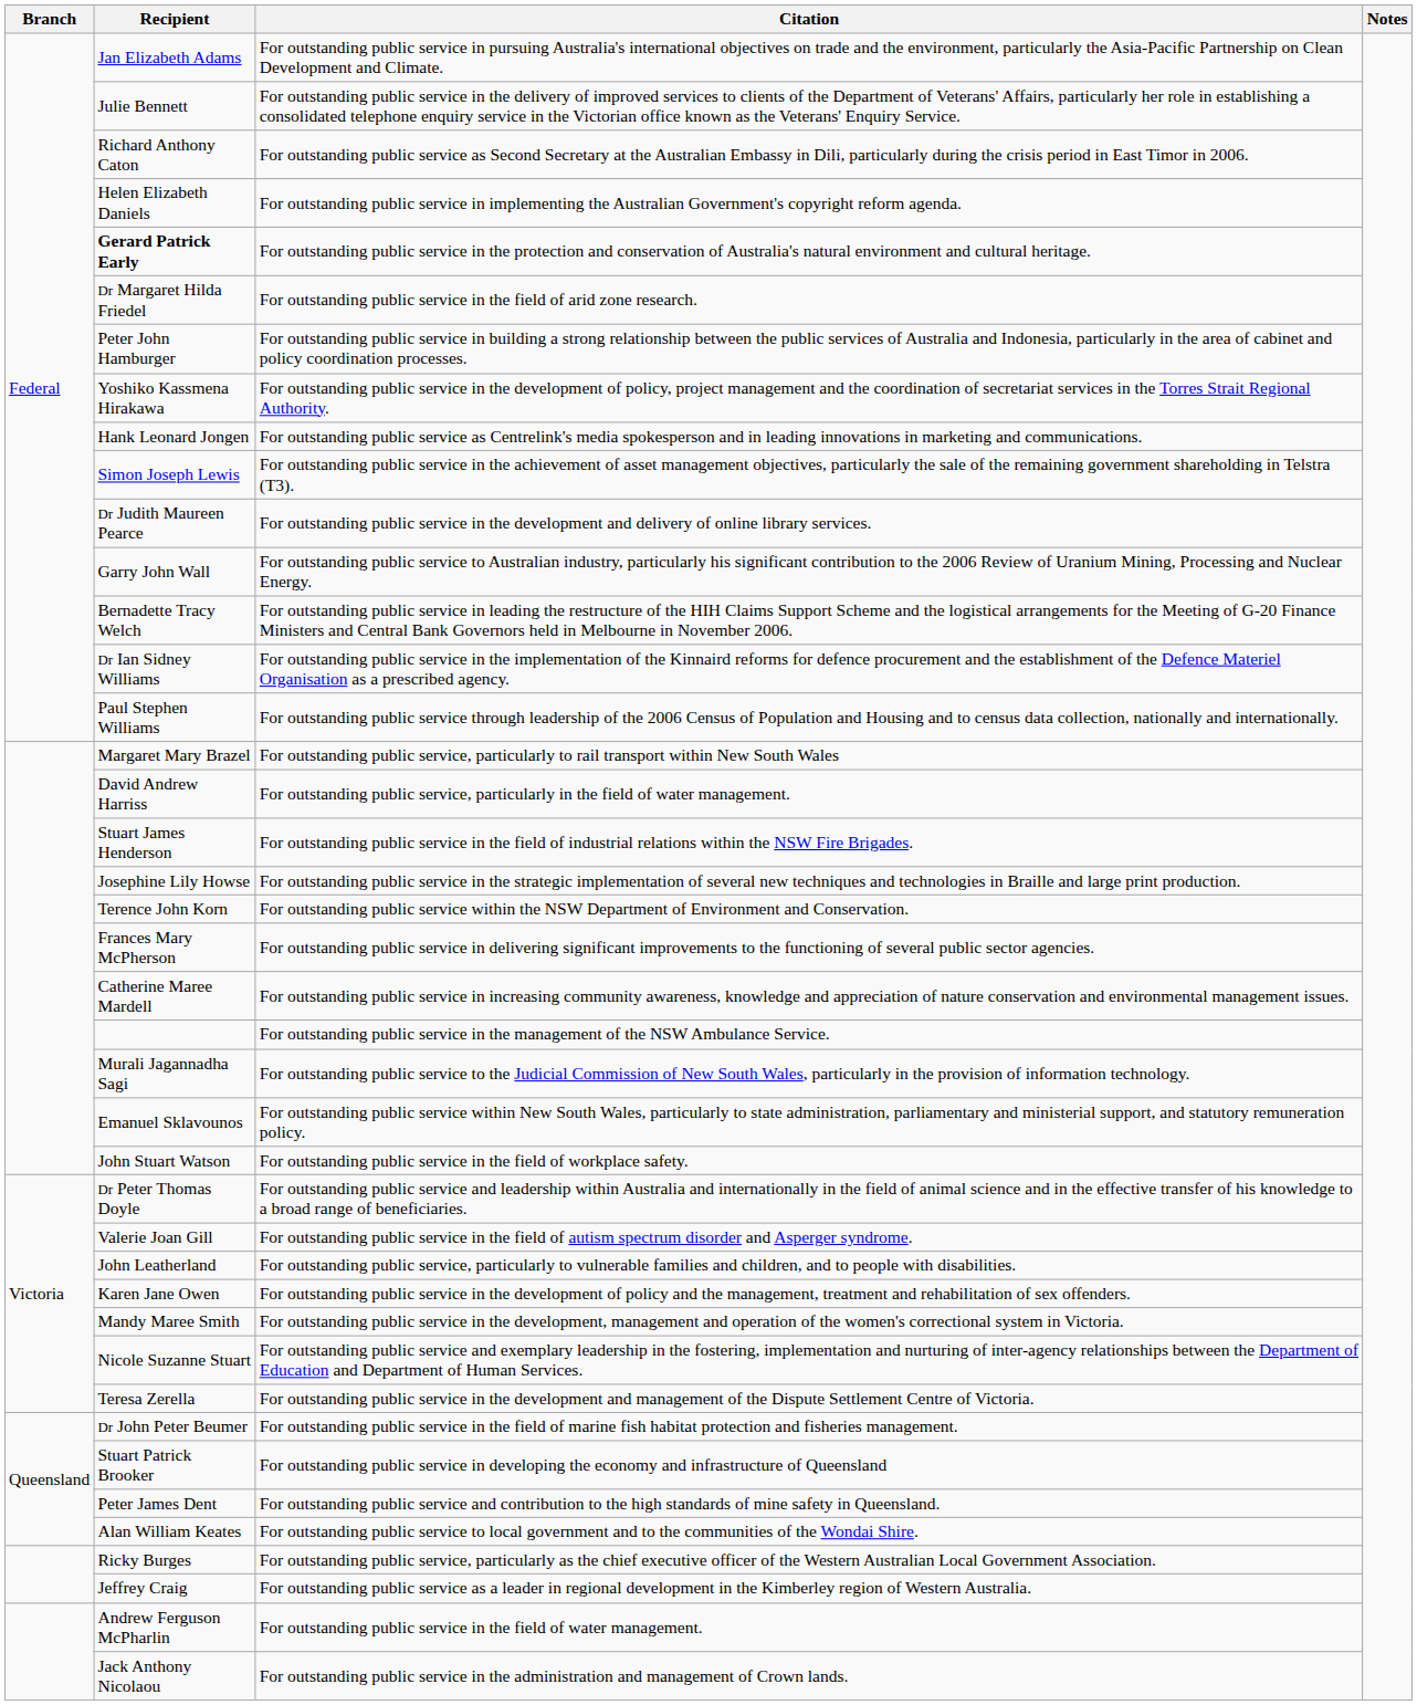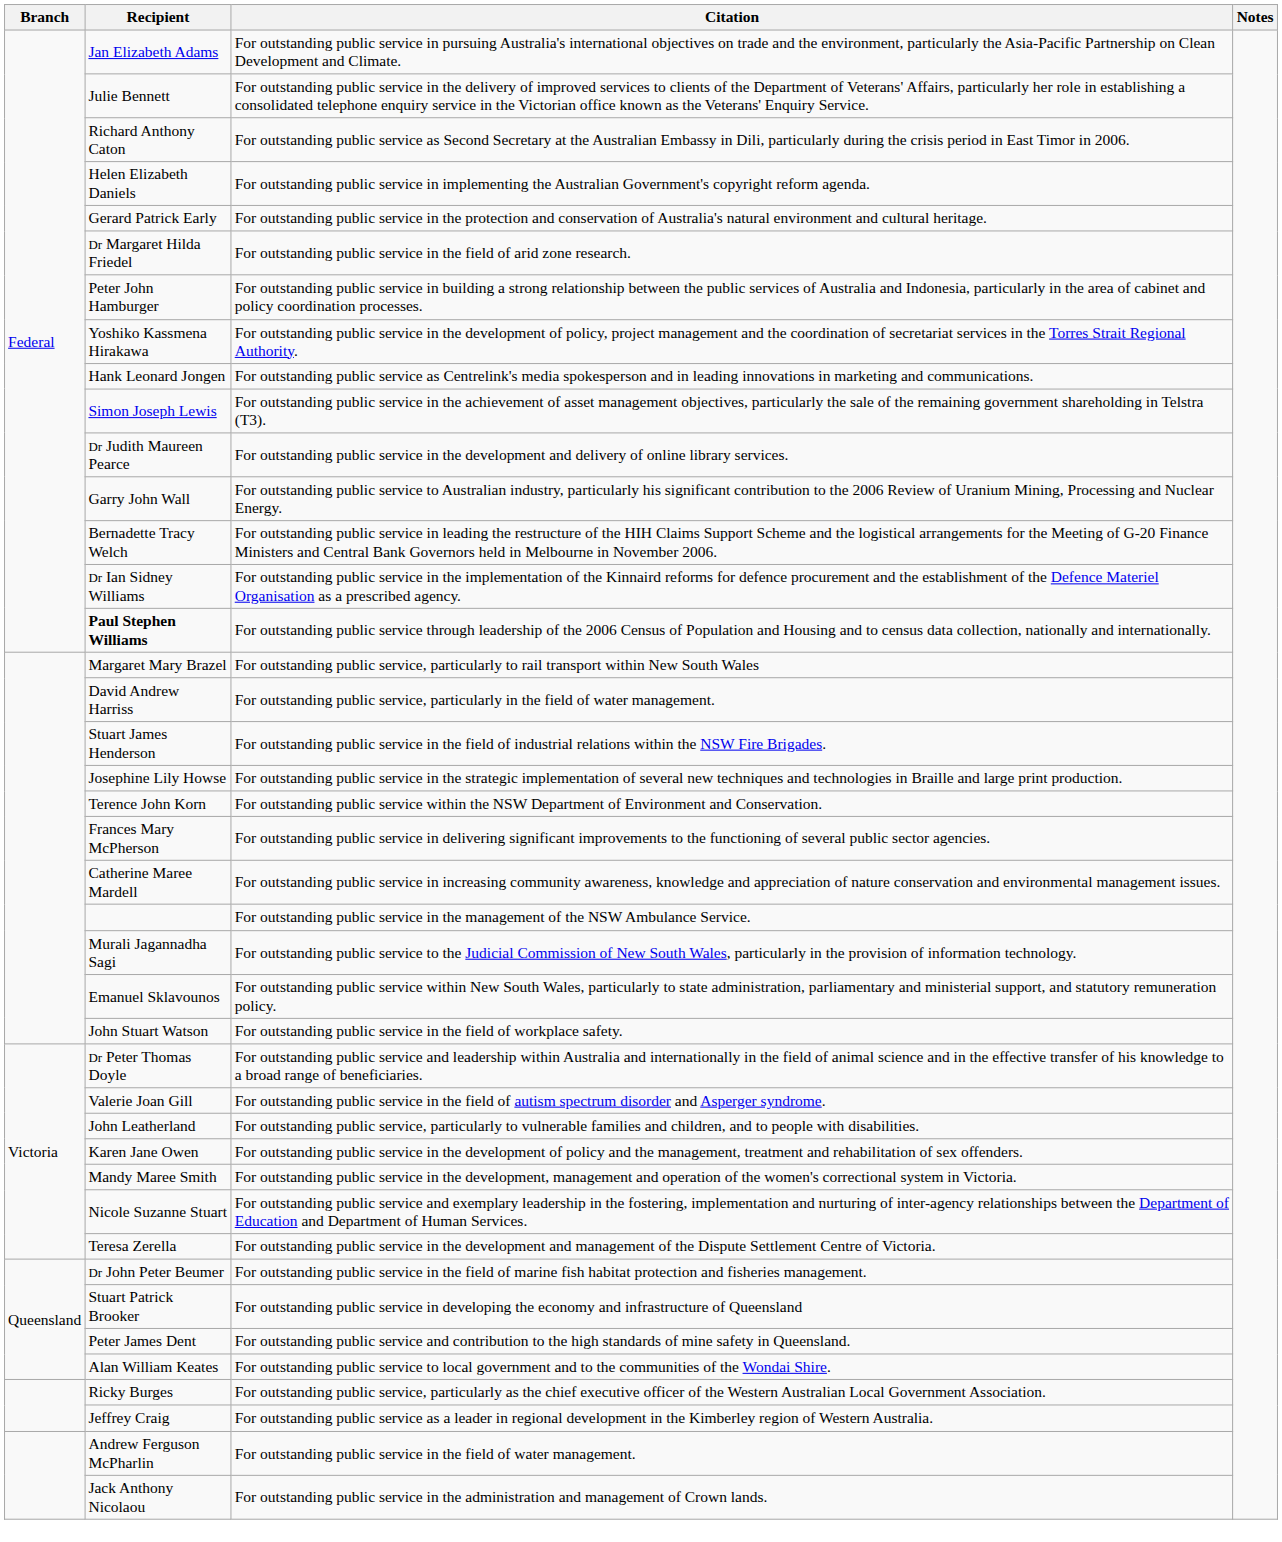 <table class="wikitable" style="font-size:95%;">
 <tr>
 <th>Branch</th>
 <th>Recipient</th>
 <th>Citation</th>
 <th colwidth=5%>Notes</th>
 </tr>
 <tr>
 <td rowspan=15><a href='#'>Federal</a></td>
 <td><a href='#'>Jan Elizabeth Adams</a></td>
 <td>For outstanding public service in pursuing Australia's international objectives on trade and the environment, particularly the Asia-Pacific Partnership on Clean Development and Climate.</td>
 <td rowspan=41></td>
 </tr>
 <tr>
 <td>Julie Bennett</td>
 <td>For outstanding public service in the delivery of improved services to clients of the Department of Veterans' Affairs, particularly her role in establishing a consolidated telephone enquiry service in the Victorian office known as the Veterans' Enquiry Service.</td>
 </tr>
 <tr>
 <td>Richard Anthony Caton</td>
 <td>For outstanding public service as Second Secretary at the Australian Embassy in Dili, particularly during the crisis period in East Timor in 2006.</td>
 </tr>
 <tr>
 <td>Helen Elizabeth Daniels</td>
 <td>For outstanding public service in implementing the Australian Government's copyright reform agenda.</td>
 </tr>
 <tr>
-<td><strong>Gerard Patrick Early</strong></td>
+<td>Gerard Patrick Early</td>
 <td>For outstanding public service in the protection and conservation of Australia's natural environment and cultural heritage.</td>
 </tr>
 <tr>
 <td><small>Dr</small> Margaret Hilda Friedel</td>
 <td>For outstanding public service in the field of arid zone research.</td>
 </tr>
 <tr>
 <td>Peter John Hamburger</td>
 <td>For outstanding public service in building a strong relationship between the public services of Australia and Indonesia, particularly in the area of cabinet and policy coordination processes.</td>
 </tr>
 <tr>
 <td>Yoshiko Kassmena Hirakawa</td>
 <td>For outstanding public service in the development of policy, project management and the coordination of secretariat services in the <a href='#'>Torres Strait Regional Authority</a>.</td>
 </tr>
 <tr>
 <td>Hank Leonard Jongen</td>
 <td>For outstanding public service as Centrelink's media spokesperson and in leading innovations in marketing and communications.</td>
 </tr>
 <tr>
 <td><a href='#'>Simon Joseph Lewis</a></td>
 <td>For outstanding public service in the achievement of asset management objectives, particularly the sale of the remaining government shareholding in Telstra (T3).</td>
 </tr>
 <tr>
 <td><small>Dr</small> Judith Maureen Pearce</td>
 <td>For outstanding public service in the development and delivery of online library services.</td>
 </tr>
 <tr>
 <td>Garry John Wall</td>
 <td>For outstanding public service to Australian industry, particularly his significant contribution to the 2006 Review of Uranium Mining, Processing and Nuclear Energy.</td>
 </tr>
 <tr>
 <td>Bernadette Tracy Welch</td>
 <td>For outstanding public service in leading the restructure of the HIH Claims Support Scheme and the logistical arrangements for the Meeting of G-20 Finance Ministers and Central Bank Governors held in Melbourne in November 2006.</td>
 </tr>
 <tr>
 <td><small>Dr</small> Ian Sidney Williams</td>
 <td>For outstanding public service in the implementation of the Kinnaird reforms for defence procurement and the establishment of the <a href='#'>Defence Materiel Organisation</a> as a prescribed agency.</td>
 </tr>
 <tr>
-<td>Paul Stephen Williams</td>
+<td><strong>Paul Stephen Williams</strong></td>
 <td>For outstanding public service through leadership of the 2006 Census of Population and Housing and to census data collection, nationally and internationally.</td>
 </tr>
 <tr>
 <td rowspan=11></td>
 <td>Margaret Mary Brazel</td>
 <td>For outstanding public service, particularly to rail transport within New South Wales</td>
 </tr>
 <tr>
 <td>David Andrew Harriss</td>
 <td>For outstanding public service, particularly in the field of water management.</td>
 </tr>
 <tr>
 <td>Stuart James Henderson</td>
 <td>For outstanding public service in the field of industrial relations within the <a href='#'>NSW Fire Brigades</a>.</td>
 </tr>
 <tr>
 <td>Josephine Lily Howse</td>
 <td>For outstanding public service in the strategic implementation of several new techniques and technologies in Braille and large print production.</td>
 </tr>
 <tr>
 <td>Terence John Korn</td>
 <td>For outstanding public service within the NSW Department of Environment and Conservation.</td>
 </tr>
 <tr>
 <td>Frances Mary McPherson</td>
 <td>For outstanding public service in delivering significant improvements to the functioning of several public sector agencies.</td>
 </tr>
 <tr>
 <td>Catherine Maree Mardell</td>
 <td>For outstanding public service in increasing community awareness, knowledge and appreciation of nature conservation and environmental management issues.</td>
 </tr>
 <tr>
 <td></td>
 <td>For outstanding public service in the management of the NSW Ambulance Service.</td>
 </tr>
 <tr>
 <td>Murali Jagannadha Sagi</td>
 <td>For outstanding public service to the <a href='#'>Judicial Commission of New South Wales</a>, particularly in the provision of information technology.</td>
 </tr>
 <tr>
 <td>Emanuel Sklavounos</td>
 <td>For outstanding public service within New South Wales, particularly to state administration, parliamentary and ministerial support, and statutory remuneration policy.</td>
 </tr>
 <tr>
 <td>John Stuart Watson</td>
 <td>For outstanding public service in the field of workplace safety.</td>
 </tr>
 <tr>
 <td rowspan=7>Victoria</td>
 <td><small>Dr</small> Peter Thomas Doyle</td>
 <td>For outstanding public service and leadership within Australia and internationally in the field of animal science and in the effective transfer of his knowledge to a broad range of beneficiaries.</td>
 </tr>
 <tr>
 <td>Valerie Joan Gill</td>
 <td>For outstanding public service in the field of <a href='#'>autism spectrum disorder</a> and <a href='#'>Asperger syndrome</a>.</td>
 </tr>
 <tr>
 <td>John Leatherland</td>
 <td>For outstanding public service, particularly to vulnerable families and children, and to people with disabilities.</td>
 </tr>
 <tr>
 <td>Karen Jane Owen</td>
 <td>For outstanding public service in the development of policy and the management, treatment and rehabilitation of sex offenders.</td>
 </tr>
 <tr>
 <td>Mandy Maree Smith</td>
 <td>For outstanding public service in the development, management and operation of the women's correctional system in Victoria.</td>
 </tr>
 <tr>
 <td>Nicole Suzanne Stuart</td>
 <td>For outstanding public service and exemplary leadership in the fostering, implementation and nurturing of inter-agency relationships between the <a href='#'>Department of Education</a> and Department of Human Services.</td>
 </tr>
 <tr>
 <td>Teresa Zerella</td>
 <td>For outstanding public service in the development and management of the Dispute Settlement Centre of Victoria.</td>
 </tr>
 <tr>
 <td rowspan=4>Queensland</td>
 <td><small>Dr</small> John Peter Beumer</td>
 <td>For outstanding public service in the field of marine fish habitat protection and fisheries management.</td>
 </tr>
 <tr>
 <td>Stuart Patrick Brooker</td>
 <td>For outstanding public service in developing the economy and infrastructure of Queensland</td>
 </tr>
 <tr>
 <td>Peter James Dent</td>
 <td>For outstanding public service and contribution to the high standards of mine safety in Queensland.</td>
 </tr>
 <tr>
 <td>Alan William Keates </td>
 <td>For outstanding public service to local government and to the communities of the <a href='#'>Wondai Shire</a>.</td>
 </tr>
 <tr>
 <td rowspan=2></td>
 <td>Ricky Burges</td>
 <td>For outstanding public service, particularly as the chief executive officer of the Western Australian Local Government Association.</td>
 </tr>
 <tr>
 <td>Jeffrey Craig</td>
 <td>For outstanding public service as a leader in regional development in the Kimberley region of Western Australia.</td>
 </tr>
 <tr>
 <td rowspan=2></td>
 <td>Andrew Ferguson McPharlin</td>
 <td>For outstanding public service in the field of water management.</td>
 </tr>
 <tr>
 <td>Jack Anthony Nicolaou</td>
 <td>For outstanding public service in the administration and management of Crown lands.</td>
 </tr>
 </table>
